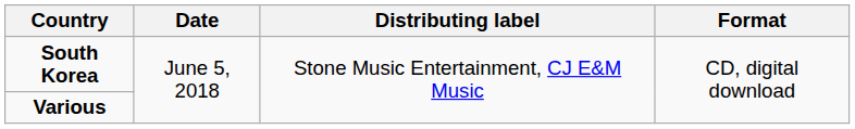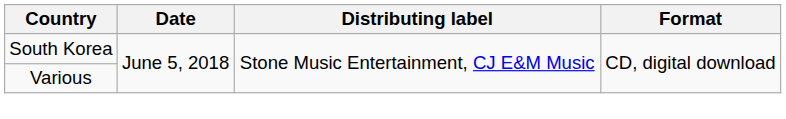 <table class="wikitable" style="width:670px; text-align:center">
 <tr>
 <th>Country</th>
 <th>Date</th>
 <th>Distributing label</th>
 <th>Format</th>
 </tr>
 <tr>
-<td><strong>South Korea</strong></td>
+<td>South Korea</td>
 <td rowspan="2">June 5, 2018</td>
 <td rowspan="2">Stone Music Entertainment, <a href='#'>CJ E&M Music</a></td>
 <td rowspan="2">CD, digital download</td>
 </tr>
 <tr>
-<td><strong>Various</strong></td>
+<td>Various</td>
 </tr>
 </table>
